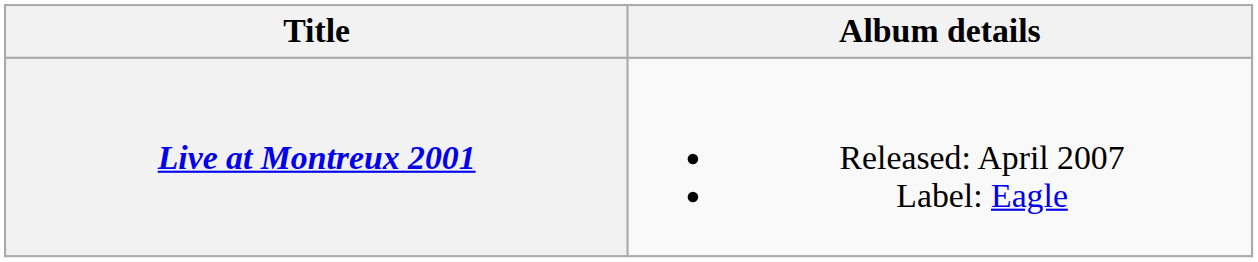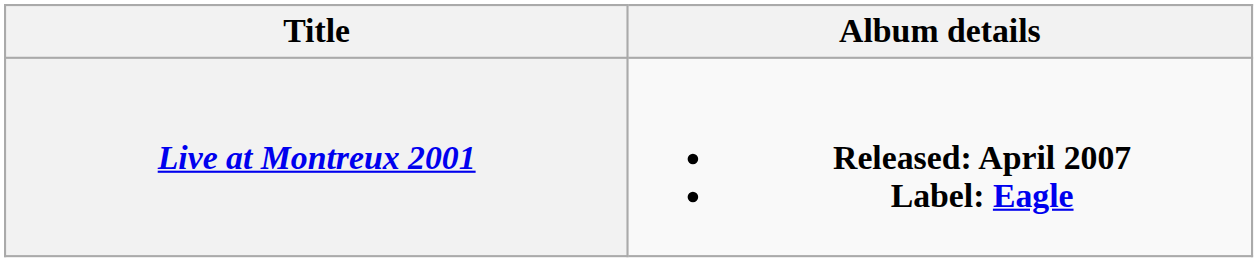 <table class="wikitable plainrowheaders" style="text-align:center;">
 <tr>
 <th scope="col" style="width:18em;">Title</th>
 <th scope="col" style="width:18em;">Album details</th>
 </tr>
 <tr>
 <th scope="row"><em><a href='#'>Live at Montreux 2001</a></em></th>
-<td><br><ul><li>Released: April 2007</li><li>Label: <a href='#'>Eagle</a></li></ul></td>
+<td><strong><br><ul><li>Released: April 2007</li><li>Label: <a href='#'>Eagle</a></li></ul></strong></td>
 </tr>
 </table>
